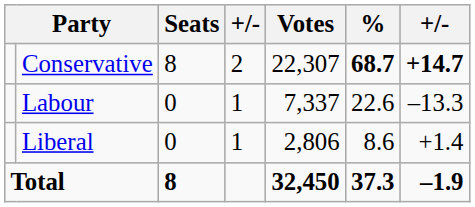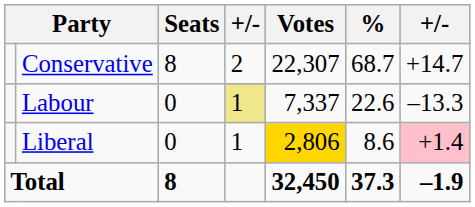 <table class="wikitable sortable">
 <tr>
 <th colspan="2">Party</th>
 <th>Seats</th>
 <th>+/-</th>
 <th>Votes</th>
 <th>%</th>
 <th>+/-</th>
 </tr>
 <tr>
 <td style="background-color: "></td>
 <td><a href='#'>Conservative</a></td>
 <td>8</td>
 <td> 2</td>
 <td style="text-align:right;">22,307</td>
-<td style="text-align:right;"><strong>68.7</strong></td>
-<td style="text-align:right;"><strong>+14.7</strong></td>
+<td style="text-align:right;">68.7</td>
+<td style="text-align:right;">+14.7</td>
 </tr>
 <tr>
 <td style="background-color: "></td>
 <td><a href='#'>Labour</a></td>
 <td>0</td>
-<td> 1</td>
+<td style="background: khaki;"> 1</td>
 <td style="text-align:right;">7,337</td>
 <td style="text-align:right;">22.6</td>
 <td style="text-align:right;">–13.3</td>
 </tr>
 <tr>
 <td style="background-color: "></td>
 <td><a href='#'>Liberal</a></td>
 <td>0</td>
 <td> 1</td>
-<td style="text-align:right;">2,806</td>
+<td style="background: gold; text-align:right;">2,806</td>
 <td style="text-align:right;">8.6</td>
-<td style="text-align:right;">+1.4</td>
+<td style="background: pink; text-align:right;">+1.4</td>
 </tr>
 <tr>
 <td colspan="2"><strong>Total</strong></td>
 <td><strong>8</strong></td>
 <td></td>
 <td style="text-align:right;"><strong>32,450</strong></td>
 <td style="text-align:right;"><strong>37.3</strong></td>
 <td style="text-align:right;"><strong>–1.9</strong></td>
 </tr>
 </table>
